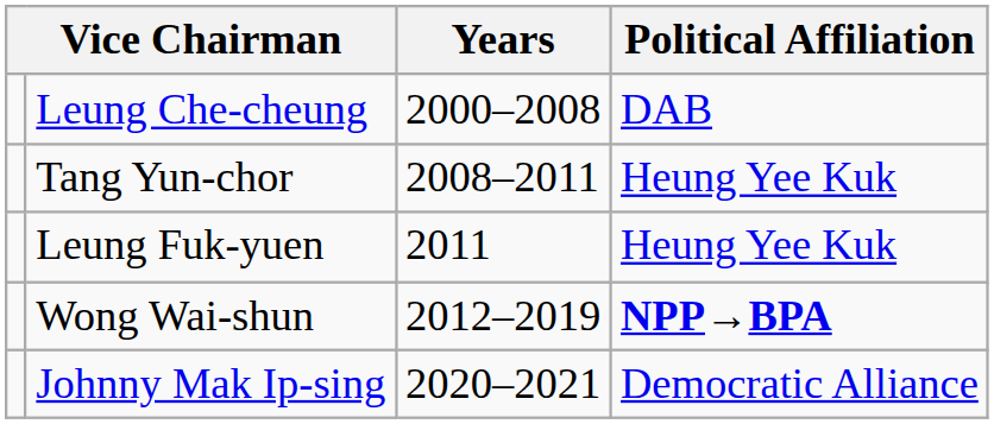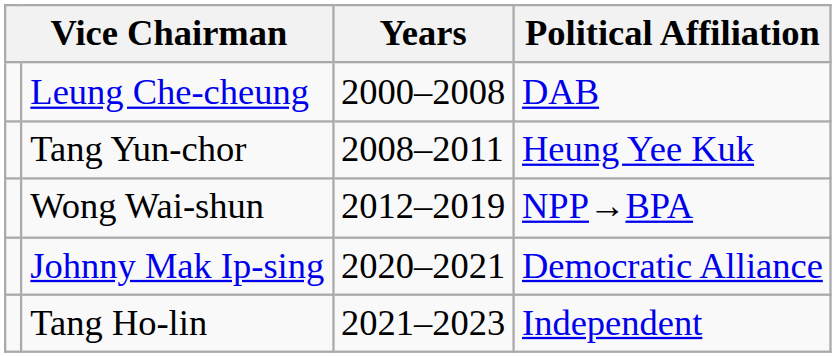 <table class="wikitable">
 <tr>
 <th colspan=2>Vice Chairman</th>
 <th>Years</th>
 <th>Political Affiliation</th>
 </tr>
 <tr>
 <td style="color:inherit;background:"></td>
 <td><a href='#'>Leung Che-cheung</a></td>
 <td>2000–2008</td>
 <td><a href='#'>DAB</a></td>
 </tr>
 <tr>
 <td style="color:inherit;background:"></td>
 <td>Tang Yun-chor</td>
 <td>2008–2011</td>
 <td><a href='#'>Heung Yee Kuk</a></td>
 </tr>
 <tr>
 <td style="color:inherit;background:"></td>
-<td>Leung Fuk-yuen</td>
-<td>2011</td>
-<td><a href='#'>Heung Yee Kuk</a></td>
-</tr>
-<tr>
-<td style="color:inherit;background:"></td>
 <td>Wong Wai-shun</td>
 <td>2012–2019</td>
-<td><strong><a href='#'>NPP</a>→<a href='#'>BPA</a></strong></td>
+<td><a href='#'>NPP</a>→<a href='#'>BPA</a></td>
 </tr>
 <tr>
 <td style="color:inherit;background:"></td>
 <td><a href='#'>Johnny Mak Ip-sing</a></td>
 <td>2020–2021</td>
 <td><a href='#'>Democratic Alliance</a></td>
 </tr>
+<tr>
+<td style="color:inherit;background:"></td>
+<td>Tang Ho-lin</td>
+<td>2021–2023</td>
+<td><a href='#'>Independent</a></td>
+</tr>
 </table>
